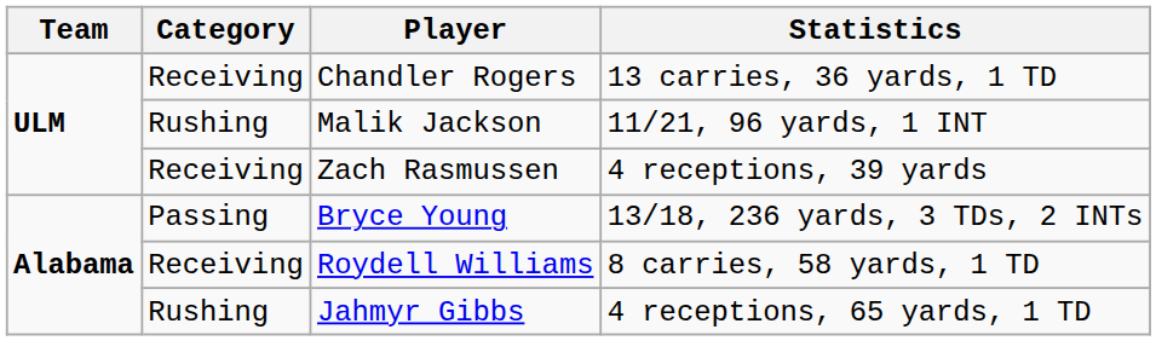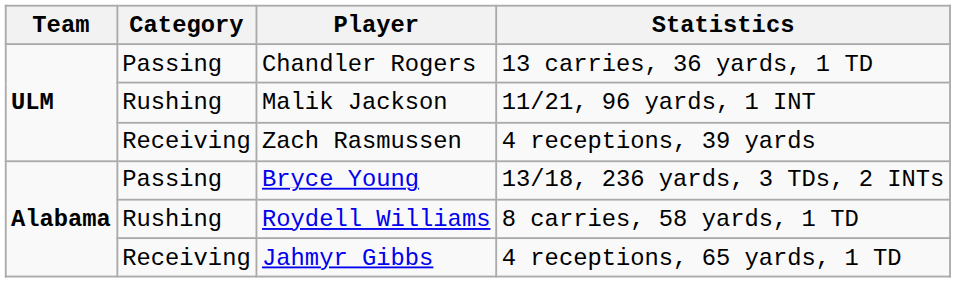 <table class="wikitable" style="float: right;">
 <tr>
 <th>Team</th>
 <th>Category</th>
 <th>Player</th>
 <th>Statistics</th>
 </tr>
 <tr>
 <td rowspan=3><strong>ULM</strong></td>
-<td>Receiving</td>
+<td>Passing</td>
 <td>Chandler Rogers</td>
 <td>13 carries, 36 yards, 1 TD</td>
 </tr>
 <tr>
 <td>Rushing</td>
 <td>Malik Jackson</td>
 <td>11/21, 96 yards, 1 INT</td>
 </tr>
 <tr>
 <td>Receiving</td>
 <td>Zach Rasmussen</td>
 <td>4 receptions, 39 yards</td>
 </tr>
 <tr>
 <td rowspan=3><strong>Alabama</strong></td>
 <td>Passing</td>
 <td><a href='#'>Bryce Young</a></td>
 <td>13/18, 236 yards, 3 TDs, 2 INTs</td>
 </tr>
 <tr>
-<td>Receiving</td>
+<td>Rushing</td>
 <td><a href='#'>Roydell Williams</a></td>
 <td>8 carries, 58 yards, 1 TD</td>
 </tr>
 <tr>
-<td>Rushing</td>
+<td>Receiving</td>
 <td><a href='#'>Jahmyr Gibbs</a></td>
 <td>4 receptions, 65 yards, 1 TD</td>
 </tr>
 </table>
